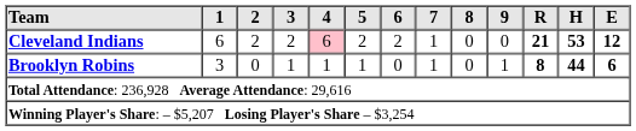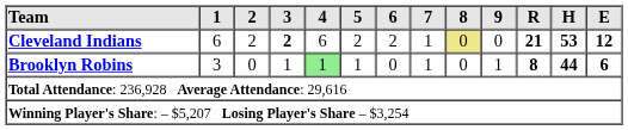 <table border="1" cellspacing="0"  style="width:575px; margin-left:3em;">
 <tr style="text-align:center; background:#e6e6e6;">
 <th style="text-align:left; width:155px;">Team</th>
 <th width=25>1</th>
 <th width=25>2</th>
 <th width=25>3</th>
 <th width=25>4</th>
 <th width=25>5</th>
 <th width=25>6</th>
 <th width=25>7</th>
 <th width=25>8</th>
 <th width=25>9</th>
 <th width=25>R</th>
 <th width=25>H</th>
 <th width=25>E</th>
 </tr>
 <tr style="text-align:center;">
 <td align=left><strong><a href='#'>Cleveland Indians</a> </strong></td>
 <td>6</td>
 <td>2</td>
-<td>2</td>
-<td style="background: pink;">6</td>
+<td><strong>2</strong></td>
+<td>6</td>
 <td>2</td>
 <td>2</td>
 <td>1</td>
-<td>0</td>
+<td style="background: khaki;">0</td>
 <td>0</td>
 <td><strong>21</strong></td>
 <td><strong>53</strong></td>
 <td><strong>12</strong></td>
 </tr>
 <tr style="text-align:center;">
 <td align=left><strong><a href='#'>Brooklyn Robins</a> </strong></td>
 <td>3</td>
 <td>0</td>
 <td>1</td>
-<td>1</td>
+<td style="background: lightgreen;">1</td>
 <td>1</td>
 <td>0</td>
 <td>1</td>
 <td>0</td>
 <td>1</td>
 <td><strong>8</strong></td>
 <td><strong>44</strong></td>
 <td><strong>6</strong></td>
 </tr>
 <tr style="text-align:left;">
 <td colspan=14><small><strong>Total Attendance</strong>: 236,928   <strong>Average Attendance</strong>: 29,616</small></td>
 </tr>
 <tr style="text-align:left;">
 <td colspan=14><small><strong>Winning Player's Share</strong>:  – $5,207   <strong>Losing Player's Share</strong> – $3,254</small></td>
 </tr>
 </table>
